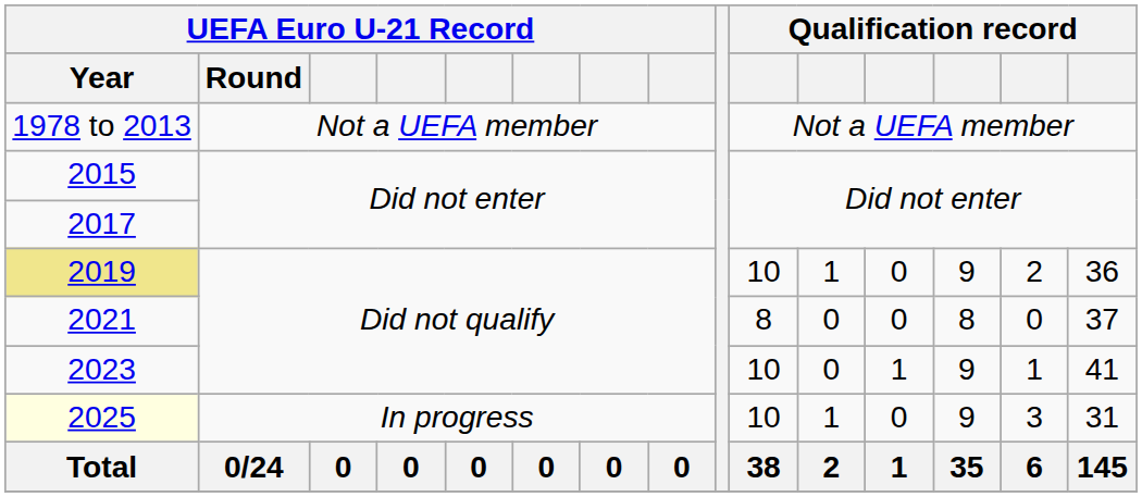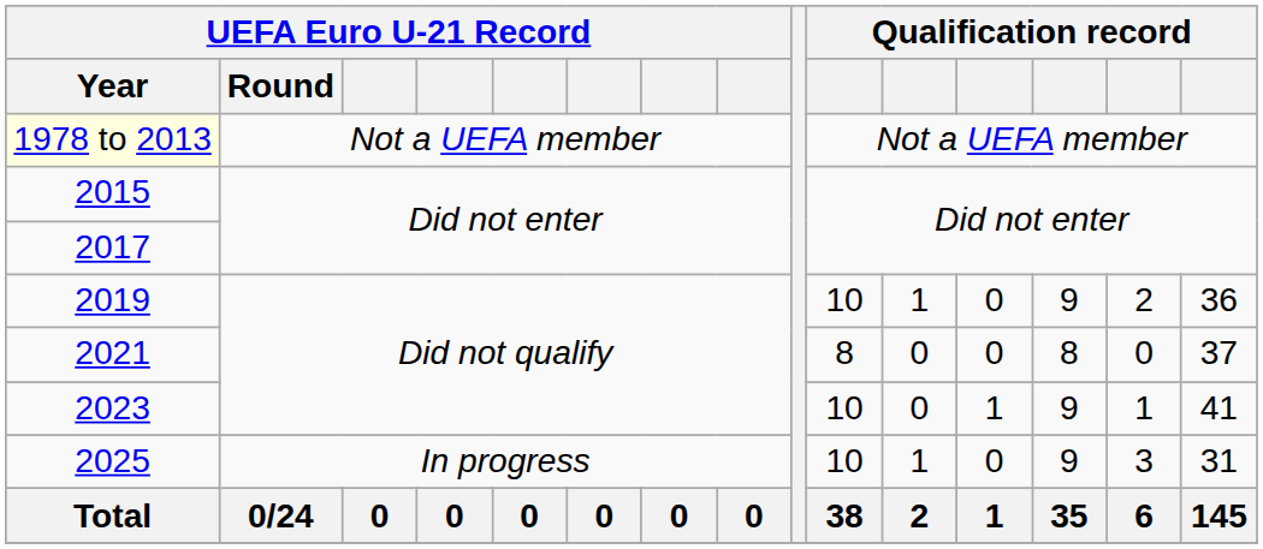 <table class="wikitable" style="text-align: center;">
 <tr>
 <th colspan=8><a href='#'>UEFA Euro U-21 Record</a></th>
 <th rowspan=10></th>
 <th colspan=6>Qualification record</th>
 </tr>
 <tr>
 <th>Year</th>
 <th>Round</th>
 <th width=28></th>
 <th width=28></th>
 <th width=28></th>
 <th width=28></th>
 <th width=28></th>
 <th width=28></th>
 <th width=28></th>
 <th width=28></th>
 <th width=28></th>
 <th width=28></th>
 <th width=28></th>
 <th width=28></th>
 </tr>
 <tr>
-<td><a href='#'>1978</a> to <a href='#'>2013</a></td>
+<td style="background: lightyellow;"><a href='#'>1978</a> to <a href='#'>2013</a></td>
 <td colspan=7><em>Not a <a href='#'>UEFA</a> member</em></td>
 <td colspan=6><em>Not a <a href='#'>UEFA</a> member</em></td>
 </tr>
 <tr>
 <td> <a href='#'>2015</a></td>
 <td rowspan=2 colspan=7><em>Did not enter</em></td>
 <td rowspan=2 colspan=6><em>Did not enter</em></td>
 </tr>
 <tr>
 <td> <a href='#'>2017</a></td>
 </tr>
 <tr>
-<td style="background: khaki;">  <a href='#'>2019</a></td>
+<td>  <a href='#'>2019</a></td>
 <td rowspan=3 colspan=7><em>Did not qualify</em></td>
 <td>10</td>
 <td>1</td>
 <td>0</td>
 <td>9</td>
 <td>2</td>
 <td>36</td>
 </tr>
 <tr>
 <td>  <a href='#'>2021</a></td>
 <td>8</td>
 <td>0</td>
 <td>0</td>
 <td>8</td>
 <td>0</td>
 <td>37</td>
 </tr>
 <tr>
 <td>  <a href='#'>2023</a></td>
 <td>10</td>
 <td>0</td>
 <td>1</td>
 <td>9</td>
 <td>1</td>
 <td>41</td>
 </tr>
 <tr>
-<td style="background: lightyellow;"> <a href='#'>2025</a></td>
+<td> <a href='#'>2025</a></td>
 <td colspan=7><em>In progress</em></td>
 <td>10</td>
 <td>1</td>
 <td>0</td>
 <td>9</td>
 <td>3</td>
 <td>31</td>
 </tr>
 <tr>
 <th>Total</th>
 <th>0/24</th>
 <th>0</th>
 <th>0</th>
 <th>0</th>
 <th>0</th>
 <th>0</th>
 <th>0</th>
 <th>38</th>
 <th>2</th>
 <th>1</th>
 <th>35</th>
 <th>6</th>
 <th>145</th>
 </tr>
 <tr>
 </tr>
 </table>
